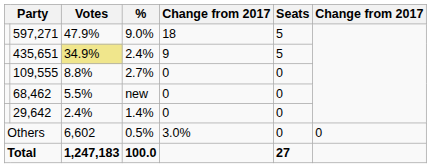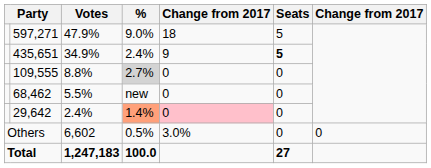 <table class="wikitable">
 <tr>
 <th colspan=2>Party</th>
 <th>Votes</th>
 <th>%</th>
 <th>Change from 2017</th>
 <th>Seats</th>
 <th>Change from 2017</th>
 </tr>
 <tr>
 <td></td>
 <td>597,271</td>
 <td>47.9%</td>
 <td>9.0%</td>
 <td>18</td>
 <td>5</td>
 </tr>
 <tr>
 <td></td>
 <td>435,651</td>
-<td style="background: khaki;">34.9%</td>
+<td>34.9%</td>
 <td>2.4%</td>
 <td>9</td>
-<td>5</td>
+<td><strong>5</strong></td>
 </tr>
 <tr>
 <td></td>
 <td>109,555</td>
 <td>8.8%</td>
-<td>2.7%</td>
+<td style="background: lightgrey;">2.7%</td>
 <td>0</td>
 <td>0</td>
 </tr>
 <tr>
 <td></td>
 <td>68,462</td>
 <td>5.5%</td>
 <td>new</td>
 <td>0</td>
 <td>0</td>
 </tr>
 <tr>
 <td></td>
 <td>29,642</td>
 <td>2.4%</td>
-<td>1.4%</td>
-<td>0</td>
+<td style="background: lightsalmon;">1.4%</td>
+<td style="background: pink;">0</td>
 <td>0</td>
 </tr>
 <tr>
 <td colspan=2>Others</td>
 <td>6,602</td>
 <td>0.5%</td>
 <td>3.0%</td>
 <td>0</td>
 <td>0</td>
 </tr>
 <tr>
 <td colspan=2><strong>Total</strong></td>
 <td><strong>1,247,183</strong></td>
 <td><strong>100.0</strong></td>
 <td></td>
 <td><strong>27</strong></td>
 <td></td>
 </tr>
 </table>
